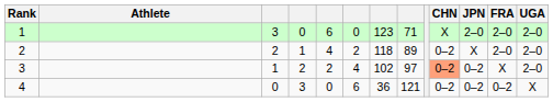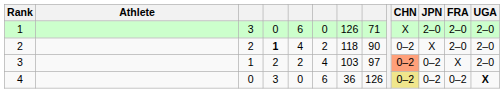 <table class="wikitable" style="text-align:center">
 <tr>
 <th width=40>Rank</th>
 <th width=300>Athlete</th>
 <th width=30></th>
 <th width=30></th>
 <th width=30></th>
 <th width=30></th>
 <th width=30></th>
 <th width=30></th>
 <th rowspan=5></th>
 <th width=30>CHN</th>
 <th width=30>JPN</th>
 <th width=30>FRA</th>
 <th width=30>UGA</th>
 </tr>
 <tr style="background-color:#ccffcc;">
 <td>1</td>
 <td align=left></td>
 <td>3</td>
 <td>0</td>
 <td>6</td>
 <td>0</td>
-<td>123</td>
+<td>126</td>
 <td>71</td>
 <td>X</td>
 <td>2–0</td>
 <td>2–0</td>
 <td>2–0</td>
 </tr>
 <tr>
 <td>2</td>
 <td align=left></td>
 <td>2</td>
-<td>1</td>
+<td><strong>1</strong></td>
 <td>4</td>
 <td>2</td>
 <td>118</td>
-<td>89</td>
+<td>90</td>
 <td>0–2</td>
 <td>X</td>
 <td>2–0</td>
 <td>2–0</td>
 </tr>
 <tr>
 <td>3</td>
 <td align=left></td>
 <td>1</td>
 <td>2</td>
 <td>2</td>
 <td>4</td>
-<td>102</td>
+<td>103</td>
 <td>97</td>
 <td style="background: lightsalmon;">0–2</td>
 <td>0–2</td>
 <td>X</td>
 <td>2–0</td>
 </tr>
 <tr>
 <td>4</td>
 <td align=left></td>
 <td>0</td>
 <td>3</td>
 <td>0</td>
 <td>6</td>
 <td>36</td>
-<td>121</td>
+<td>126</td>
+<td style="background: khaki;">0–2</td>
 <td>0–2</td>
 <td>0–2</td>
-<td>0–2</td>
-<td>X</td>
+<td><strong>X</strong></td>
 </tr>
 </table>
